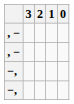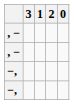 <table class="wikitable">
 <tr ---- valign="center">
 <th></th>
 <th>3</th>
+<th>1</th>
 <th>2</th>
-<th>1</th>
 <th>0</th>
 </tr>
 <tr ---- valign="center"  align="center">
 <th>, −</th>
 <td></td>
 <td></td>
 <td></td>
 <td></td>
 </tr>
 <tr ---- valign="center"  align="center">
 <th>, −</th>
 <td></td>
 <td></td>
 <td></td>
 <td></td>
 </tr>
 <tr ---- valign="center"  align="center">
 <th>−, </th>
 <td></td>
 <td></td>
 <td></td>
 <td></td>
 </tr>
 <tr ---- valign="center"  align="center">
 <th>−, </th>
 <td></td>
 <td></td>
 <td></td>
 <td></td>
 </tr>
 </table>
